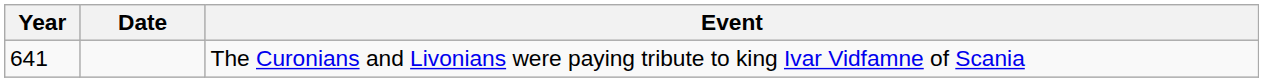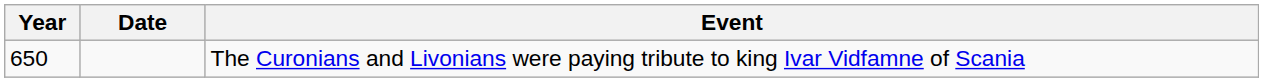 <table class="wikitable" width="100%">
 <tr>
 <th style="width:6%">Year</th>
 <th style="width:10%">Date</th>
 <th>Event</th>
 </tr>
 <tr>
-<td>641</td>
+<td>650</td>
 <td></td>
 <td>The <a href='#'>Curonians</a> and <a href='#'>Livonians</a> were paying tribute to king <a href='#'>Ivar Vidfamne</a> of <a href='#'>Scania</a></td>
 </tr>
 </table>
